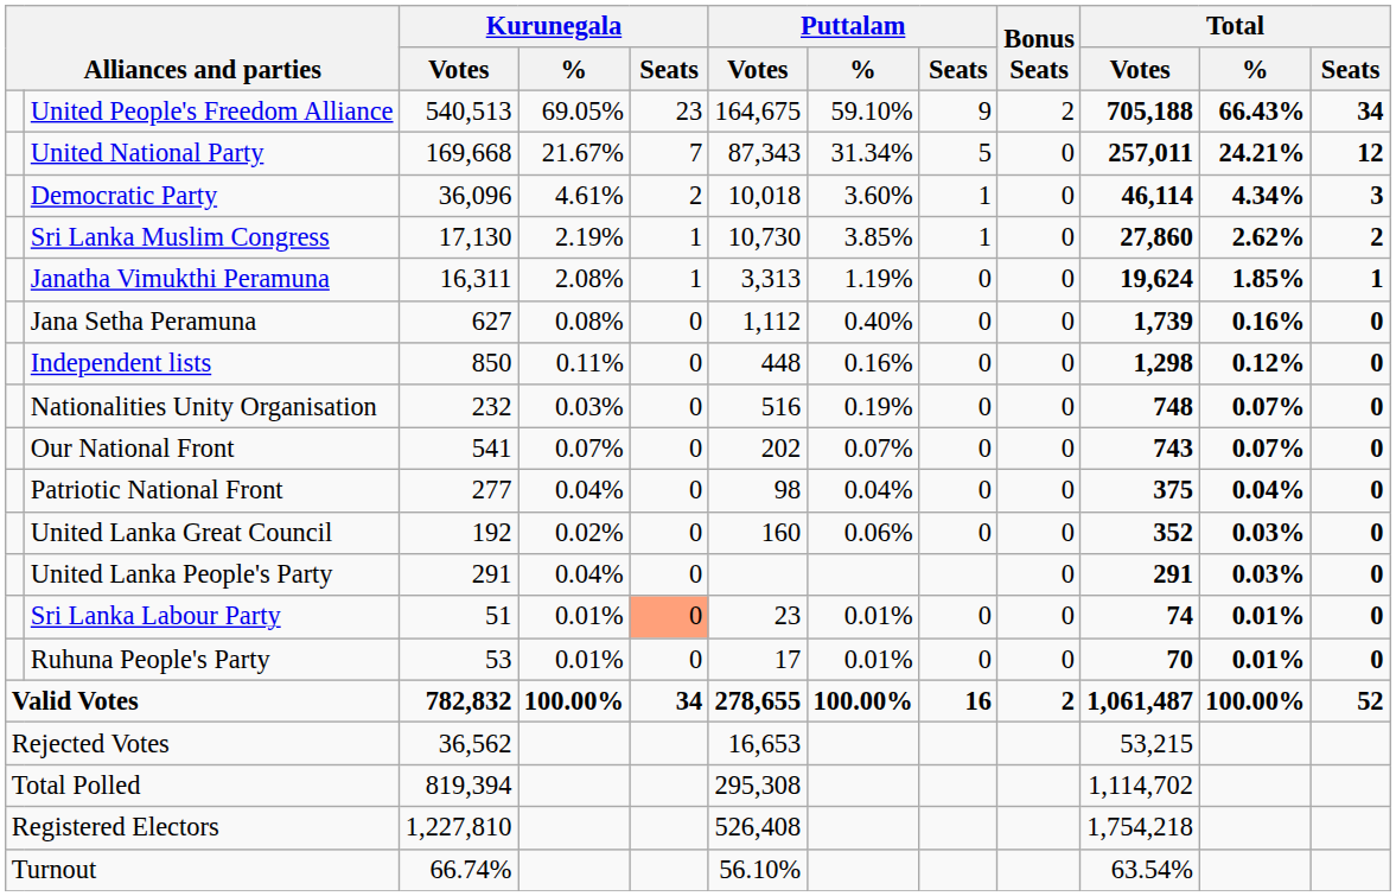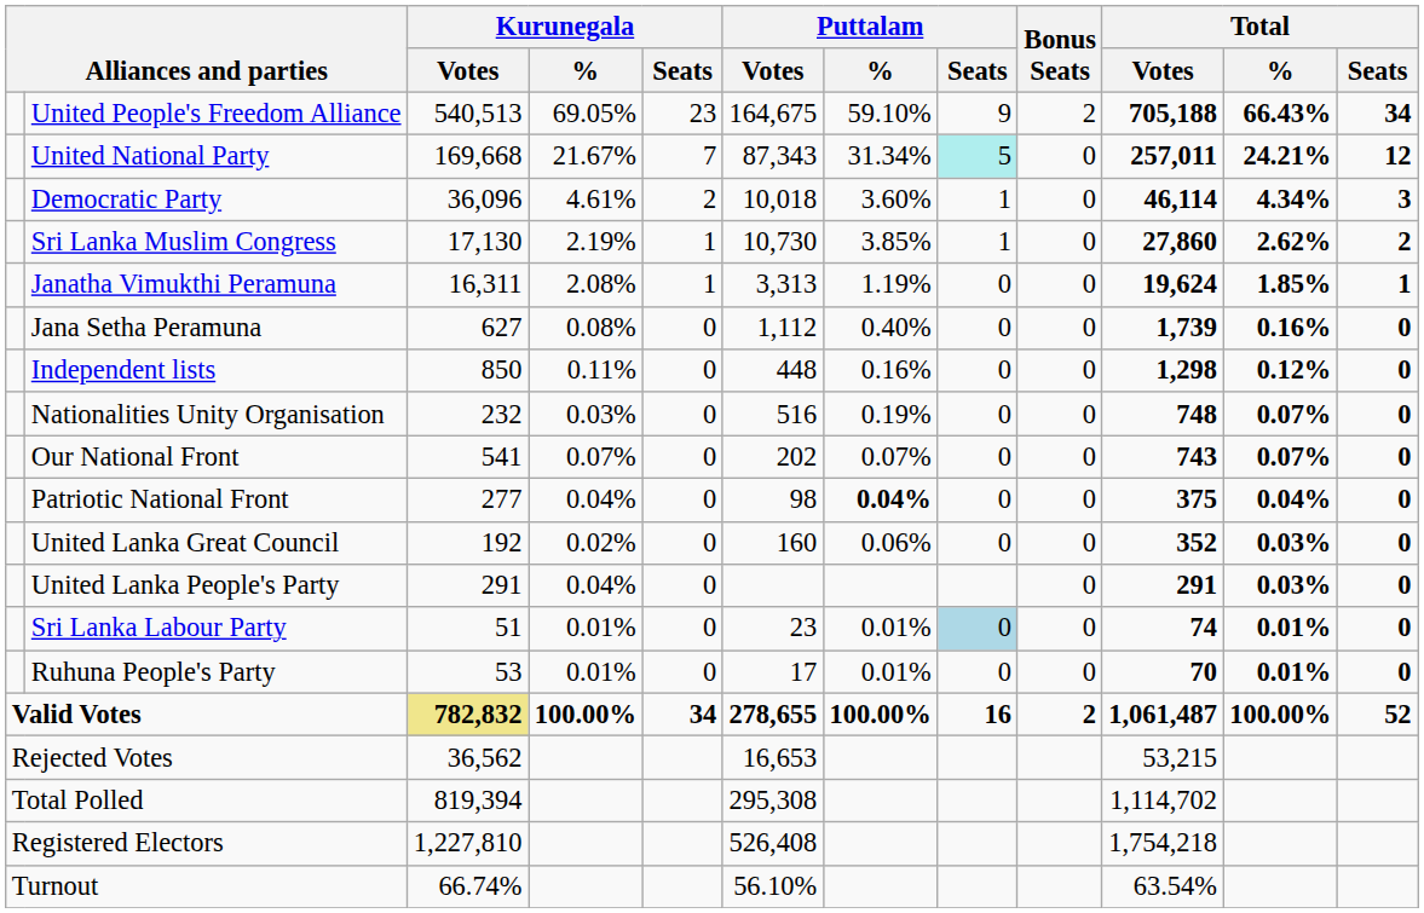 <table class="wikitable" border="1" style="text-align:right;">
 <tr>
 <th valign=bottom rowspan=2 colspan=2 width="200">Alliances and parties</th>
 <th colspan=3><a href='#'>Kurunegala</a></th>
 <th colspan=3><a href='#'>Puttalam</a></th>
 <th valign=bottom rowspan=2 width="40">Bonus<br>Seats</th>
 <th colspan=3>Total</th>
 </tr>
 <tr>
 <th align=center valign=bottom width="50">Votes</th>
 <th align=center valign=bottom width="50">%</th>
 <th align=center valign=bottom width="40">Seats</th>
 <th align=center valign=bottom width="50">Votes</th>
 <th align=center valign=bottom width="50">%</th>
 <th align=center valign=bottom width="40">Seats</th>
 <th align=center valign=bottom width="50">Votes</th>
 <th align=center valign=bottom width="50">%</th>
 <th align=center valign=bottom width="40">Seats</th>
 </tr>
 <tr>
 <td bgcolor=> </td>
 <td align=left><a href='#'>United People's Freedom Alliance</a></td>
 <td>540,513</td>
 <td>69.05%</td>
 <td>23</td>
 <td>164,675</td>
 <td>59.10%</td>
 <td>9</td>
 <td>2</td>
 <td><strong>705,188</strong></td>
 <td><strong>66.43%</strong></td>
 <td><strong>34</strong></td>
 </tr>
 <tr>
 <td bgcolor=> </td>
 <td align=left><a href='#'>United National Party</a></td>
 <td>169,668</td>
 <td>21.67%</td>
 <td>7</td>
 <td>87,343</td>
 <td>31.34%</td>
-<td>5</td>
+<td style="background: paleturquoise;">5</td>
 <td>0</td>
 <td><strong>257,011</strong></td>
 <td><strong>24.21%</strong></td>
 <td><strong>12</strong></td>
 </tr>
 <tr>
 <td bgcolor=> </td>
 <td align=left><a href='#'>Democratic Party</a></td>
 <td>36,096</td>
 <td>4.61%</td>
 <td>2</td>
 <td>10,018</td>
 <td>3.60%</td>
 <td>1</td>
 <td>0</td>
 <td><strong>46,114</strong></td>
 <td><strong>4.34%</strong></td>
 <td><strong>3</strong></td>
 </tr>
 <tr>
 <td bgcolor=> </td>
 <td align=left><a href='#'>Sri Lanka Muslim Congress</a></td>
 <td>17,130</td>
 <td>2.19%</td>
 <td>1</td>
 <td>10,730</td>
 <td>3.85%</td>
 <td>1</td>
 <td>0</td>
 <td><strong>27,860</strong></td>
 <td><strong>2.62%</strong></td>
 <td><strong>2</strong></td>
 </tr>
 <tr>
 <td bgcolor=> </td>
 <td align=left><a href='#'>Janatha Vimukthi Peramuna</a></td>
 <td>16,311</td>
 <td>2.08%</td>
 <td>1</td>
 <td>3,313</td>
 <td>1.19%</td>
 <td>0</td>
 <td>0</td>
 <td><strong>19,624</strong></td>
 <td><strong>1.85%</strong></td>
 <td><strong>1</strong></td>
 </tr>
 <tr>
 <td></td>
 <td align=left>Jana Setha Peramuna</td>
 <td>627</td>
 <td>0.08%</td>
 <td>0</td>
 <td>1,112</td>
 <td>0.40%</td>
 <td>0</td>
 <td>0</td>
 <td><strong>1,739</strong></td>
 <td><strong>0.16%</strong></td>
 <td><strong>0</strong></td>
 </tr>
 <tr>
 <td bgcolor=> </td>
 <td align=left><a href='#'>Independent lists</a></td>
 <td>850</td>
 <td>0.11%</td>
 <td>0</td>
 <td>448</td>
 <td>0.16%</td>
 <td>0</td>
 <td>0</td>
 <td><strong>1,298</strong></td>
 <td><strong>0.12%</strong></td>
 <td><strong>0</strong></td>
 </tr>
 <tr>
 <td></td>
 <td align=left>Nationalities Unity Organisation</td>
 <td>232</td>
 <td>0.03%</td>
 <td>0</td>
 <td>516</td>
 <td>0.19%</td>
 <td>0</td>
 <td>0</td>
 <td><strong>748</strong></td>
 <td><strong>0.07%</strong></td>
 <td><strong>0</strong></td>
 </tr>
 <tr>
 <td></td>
 <td align=left>Our National Front</td>
 <td>541</td>
 <td>0.07%</td>
 <td>0</td>
 <td>202</td>
 <td>0.07%</td>
 <td>0</td>
 <td>0</td>
 <td><strong>743</strong></td>
 <td><strong>0.07%</strong></td>
 <td><strong>0</strong></td>
 </tr>
 <tr>
 <td></td>
 <td align=left>Patriotic National Front</td>
 <td>277</td>
 <td>0.04%</td>
 <td>0</td>
 <td>98</td>
-<td>0.04%</td>
+<td><strong>0.04%</strong></td>
 <td>0</td>
 <td>0</td>
 <td><strong>375</strong></td>
 <td><strong>0.04%</strong></td>
 <td><strong>0</strong></td>
 </tr>
 <tr>
 <td></td>
 <td align=left>United Lanka Great Council</td>
 <td>192</td>
 <td>0.02%</td>
 <td>0</td>
 <td>160</td>
 <td>0.06%</td>
 <td>0</td>
 <td>0</td>
 <td><strong>352</strong></td>
 <td><strong>0.03%</strong></td>
 <td><strong>0</strong></td>
 </tr>
 <tr>
 <td></td>
 <td align=left>United Lanka People's Party</td>
 <td>291</td>
 <td>0.04%</td>
 <td>0</td>
 <td></td>
 <td></td>
 <td></td>
 <td>0</td>
 <td><strong>291</strong></td>
 <td><strong>0.03%</strong></td>
 <td><strong>0</strong></td>
 </tr>
 <tr>
 <td></td>
 <td align=left><a href='#'>Sri Lanka Labour Party</a></td>
 <td>51</td>
 <td>0.01%</td>
-<td style="background: lightsalmon;">0</td>
+<td>0</td>
 <td>23</td>
 <td>0.01%</td>
-<td>0</td>
+<td style="background: lightblue;">0</td>
 <td>0</td>
 <td><strong>74</strong></td>
 <td><strong>0.01%</strong></td>
 <td><strong>0</strong></td>
 </tr>
 <tr>
 <td></td>
 <td align=left>Ruhuna People's Party</td>
 <td>53</td>
 <td>0.01%</td>
 <td>0</td>
 <td>17</td>
 <td>0.01%</td>
 <td>0</td>
 <td>0</td>
 <td><strong>70</strong></td>
 <td><strong>0.01%</strong></td>
 <td><strong>0</strong></td>
 </tr>
 <tr style="font-weight:bold">
 <td colspan=2 align=left>Valid Votes</td>
-<td>782,832</td>
+<td style="background: khaki;">782,832</td>
 <td>100.00%</td>
 <td>34</td>
 <td>278,655</td>
 <td>100.00%</td>
 <td>16</td>
 <td>2</td>
 <td>1,061,487</td>
 <td>100.00%</td>
 <td>52</td>
 </tr>
 <tr>
 <td colspan=2 align=left>Rejected Votes</td>
 <td>36,562</td>
 <td></td>
 <td></td>
 <td>16,653</td>
 <td></td>
 <td></td>
 <td></td>
 <td>53,215</td>
 <td></td>
 <td></td>
 </tr>
 <tr>
 <td colspan=2 align=left>Total Polled</td>
 <td>819,394</td>
 <td></td>
 <td></td>
 <td>295,308</td>
 <td></td>
 <td></td>
 <td></td>
 <td>1,114,702</td>
 <td></td>
 <td></td>
 </tr>
 <tr>
 <td colspan=2 align=left>Registered Electors</td>
 <td>1,227,810</td>
 <td></td>
 <td></td>
 <td>526,408</td>
 <td></td>
 <td></td>
 <td></td>
 <td>1,754,218</td>
 <td></td>
 <td></td>
 </tr>
 <tr>
 <td colspan=2 align=left>Turnout</td>
 <td>66.74%</td>
 <td></td>
 <td></td>
 <td>56.10%</td>
 <td></td>
 <td></td>
 <td></td>
 <td>63.54%</td>
 <td></td>
 <td></td>
 </tr>
 </table>
